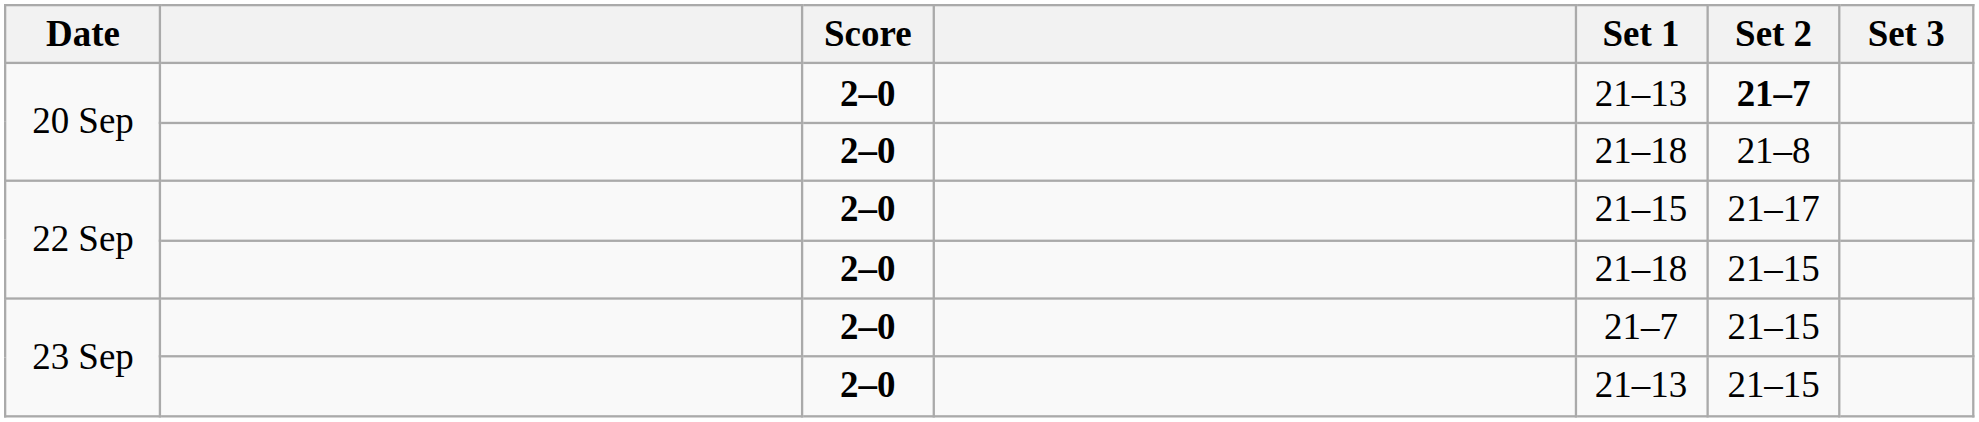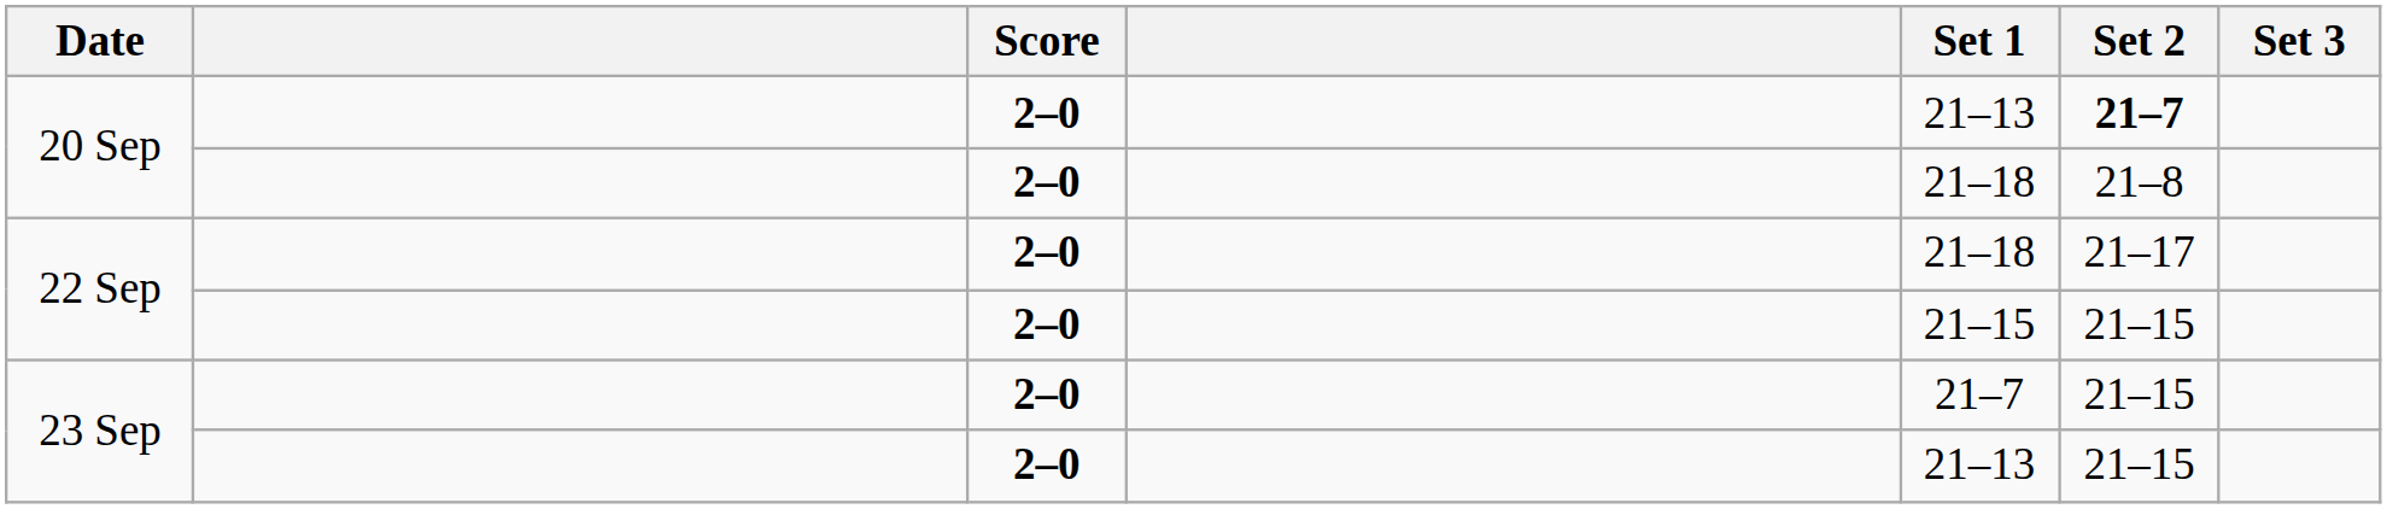 <table class="wikitable" style="text-align: center;">
 <tr>
 <th width="60">Date</th>
 <th align="right" width="270"></th>
 <th width="50">Score</th>
 <th align="left" width="270"></th>
 <th width="50">Set 1</th>
 <th width="50">Set 2</th>
 <th width="50">Set 3</th>
 </tr>
 <tr>
 <td rowspan=2>20 Sep</td>
 <td align=left><strong></strong></td>
 <td align=center><strong>2–0</strong></td>
 <td align=left></td>
 <td>21–13</td>
 <td><strong>21–7</strong></td>
 <td></td>
 </tr>
 <tr>
 <td align=left><strong></strong></td>
 <td align=center><strong>2–0</strong></td>
 <td align=left></td>
 <td>21–18</td>
 <td>21–8</td>
 <td></td>
 </tr>
 <tr>
 <td rowspan=2>22 Sep</td>
 <td align=left><strong></strong></td>
 <td align=center><strong>2–0</strong></td>
 <td align=left></td>
-<td>21–15</td>
+<td>21–18</td>
 <td>21–17</td>
 <td></td>
 </tr>
 <tr>
 <td align=left><strong></strong></td>
 <td align=center><strong>2–0</strong></td>
 <td align=left></td>
-<td>21–18</td>
+<td>21–15</td>
 <td>21–15</td>
 <td></td>
 </tr>
 <tr>
 <td rowspan=2>23 Sep</td>
 <td align=left><strong></strong></td>
 <td align=center><strong>2–0</strong></td>
 <td align=left></td>
 <td>21–7</td>
 <td>21–15</td>
 <td></td>
 </tr>
 <tr>
 <td align=left><strong></strong></td>
 <td align=center><strong>2–0</strong></td>
 <td align=left></td>
 <td>21–13</td>
 <td>21–15</td>
 <td></td>
 </tr>
 </table>
